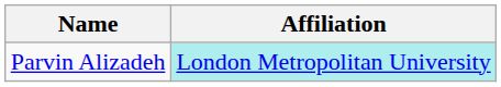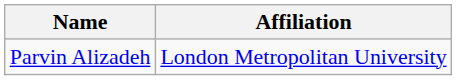 <table class="wikitable">
 <tr>
 <th>Name</th>
 <th>Affiliation</th>
 </tr>
 <tr>
 <td><a href='#'>Parvin Alizadeh</a></td>
-<td style="background: paleturquoise;"><a href='#'>London Metropolitan University</a></td>
+<td><a href='#'>London Metropolitan University</a></td>
 </tr>
 </table>
